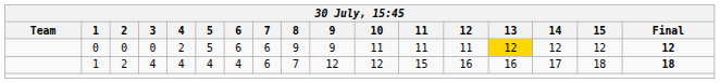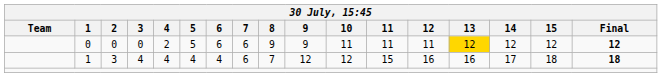 <table class=wikitable style="text-align:center; width: 55%">
 <tr>
 <th colspan=17><em>30 July, 15:45</em></th>
 </tr>
 <tr>
 <th>Team</th>
 <th>1</th>
 <th>2</th>
 <th>3</th>
 <th>4</th>
 <th>5</th>
 <th>6</th>
 <th>7</th>
 <th>8</th>
 <th>9</th>
 <th>10</th>
 <th>11</th>
 <th>12</th>
 <th>13</th>
 <th>14</th>
 <th>15</th>
 <th>Final</th>
 </tr>
 <tr>
 <td align=left></td>
 <td>0</td>
 <td>0</td>
 <td>0</td>
 <td>2</td>
 <td>5</td>
 <td>6</td>
 <td>6</td>
 <td>9</td>
 <td>9</td>
 <td>11</td>
 <td>11</td>
 <td>11</td>
 <td style="background: gold;">12</td>
 <td>12</td>
 <td>12</td>
 <td><strong>12</strong></td>
 </tr>
 <tr>
 <td align=left><strong></strong></td>
 <td>1</td>
-<td>2</td>
+<td>3</td>
 <td>4</td>
 <td>4</td>
 <td>4</td>
 <td>4</td>
 <td>6</td>
 <td>7</td>
 <td>12</td>
 <td>12</td>
 <td>15</td>
 <td>16</td>
 <td>16</td>
 <td>17</td>
 <td>18</td>
 <td><strong>18</strong></td>
 </tr>
 <tr>
 <td colspan=17></td>
 </tr>
 </table>
